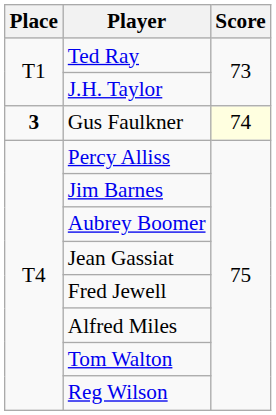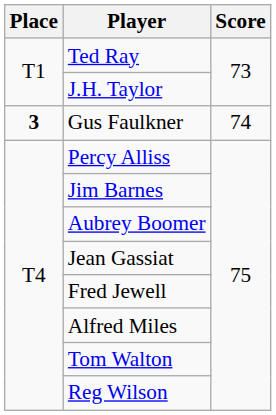 <table class=wikitable>
 <tr>
 <th>Place</th>
 <th>Player</th>
 <th>Score</th>
 </tr>
 <tr>
 <td rowspan=2 align=center>T1</td>
 <td> <a href='#'>Ted Ray</a></td>
 <td rowspan=2 align=center>73</td>
 </tr>
 <tr>
 <td> <a href='#'>J.H. Taylor</a></td>
 </tr>
 <tr>
 <td align=center><strong>3</strong></td>
 <td> Gus Faulkner</td>
-<td align=center style="background: lightyellow;">74</td>
+<td align=center>74</td>
 </tr>
 <tr>
 <td rowspan=8 align=center>T4</td>
 <td> <a href='#'>Percy Alliss</a></td>
 <td rowspan=8 align=center>75</td>
 </tr>
 <tr>
 <td> <a href='#'>Jim Barnes</a> </td>
 </tr>
 <tr>
 <td> <a href='#'>Aubrey Boomer</a></td>
 </tr>
 <tr>
 <td> Jean Gassiat</td>
 </tr>
 <tr>
 <td> Fred Jewell</td>
 </tr>
 <tr>
 <td> Alfred Miles</td>
 </tr>
 <tr>
 <td> <a href='#'>Tom Walton</a></td>
 </tr>
 <tr>
 <td> <a href='#'>Reg Wilson</a></td>
 </tr>
 </table>
